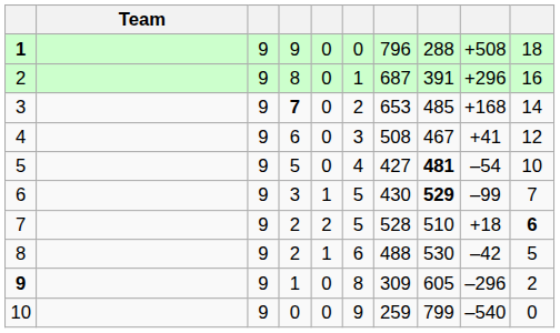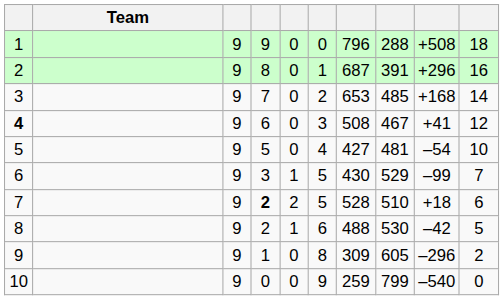 <table class=wikitable style=text-align:center>
 <tr>
 <th width=20 abbr=Position></th>
 <th width=175>Team</th>
 <th width=20 abbr=Played></th>
 <th width=20 abbr=Won></th>
 <th width=20 abbr=Drawn></th>
 <th width=20 abbr=Lost></th>
 <th width=30 abbr=Goal for></th>
 <th width=30 abbr=Goal against></th>
 <th width=30 abbr=Goal difference></th>
 <th width=30 abbr=Points></th>
 </tr>
 <tr bgcolor=#CCFFCC>
-<td><strong>1</strong></td>
+<td>1</td>
 <td align=left></td>
 <td>9</td>
 <td>9</td>
 <td>0</td>
 <td>0</td>
 <td>796</td>
 <td>288</td>
 <td>+508</td>
 <td>18</td>
 </tr>
 <tr bgcolor=#CCFFCC>
 <td>2</td>
 <td align=left></td>
 <td>9</td>
 <td>8</td>
 <td>0</td>
 <td>1</td>
 <td>687</td>
 <td>391</td>
 <td>+296</td>
 <td>16</td>
 </tr>
 <tr>
 <td>3</td>
 <td align=left></td>
 <td>9</td>
-<td><strong>7</strong></td>
+<td>7</td>
 <td>0</td>
 <td>2</td>
 <td>653</td>
 <td>485</td>
 <td>+168</td>
 <td>14</td>
 </tr>
 <tr>
-<td>4</td>
+<td><strong>4</strong></td>
 <td align=left></td>
 <td>9</td>
 <td>6</td>
 <td>0</td>
 <td>3</td>
 <td>508</td>
 <td>467</td>
 <td>+41</td>
 <td>12</td>
 </tr>
 <tr>
 <td>5</td>
 <td align=left></td>
 <td>9</td>
 <td>5</td>
 <td>0</td>
 <td>4</td>
 <td>427</td>
-<td><strong>481</strong></td>
+<td>481</td>
 <td>–54</td>
 <td>10</td>
 </tr>
 <tr>
 <td>6</td>
 <td align=left></td>
 <td>9</td>
 <td>3</td>
 <td>1</td>
 <td>5</td>
 <td>430</td>
-<td><strong>529</strong></td>
+<td>529</td>
 <td>–99</td>
 <td>7</td>
 </tr>
 <tr>
 <td>7</td>
 <td align=left></td>
 <td>9</td>
-<td>2</td>
+<td><strong>2</strong></td>
 <td>2</td>
 <td>5</td>
 <td>528</td>
 <td>510</td>
 <td>+18</td>
-<td><strong>6</strong></td>
+<td>6</td>
 </tr>
 <tr>
 <td>8</td>
 <td align=left></td>
 <td>9</td>
 <td>2</td>
 <td>1</td>
 <td>6</td>
 <td>488</td>
 <td>530</td>
 <td>–42</td>
 <td>5</td>
 </tr>
 <tr>
-<td><strong>9</strong></td>
+<td>9</td>
 <td align=left></td>
 <td>9</td>
 <td>1</td>
 <td>0</td>
 <td>8</td>
 <td>309</td>
 <td>605</td>
 <td>–296</td>
 <td>2</td>
 </tr>
 <tr>
 <td>10</td>
 <td align=left></td>
 <td>9</td>
 <td>0</td>
 <td>0</td>
 <td>9</td>
 <td>259</td>
 <td>799</td>
 <td>–540</td>
 <td>0</td>
 </tr>
 </table>
